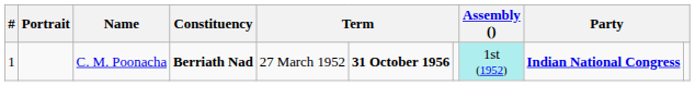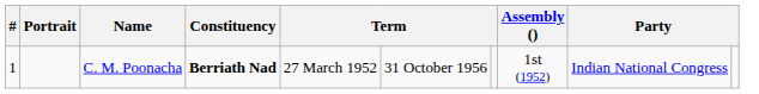 <table class="wikitable" style="text-align:center">
 <tr>
 <th scope="col">#</th>
 <th>Portrait</th>
 <th scope="col">Name</th>
 <th>Constituency</th>
 <th colspan="3" scope="col">Term<br></th>
 <th scope="col"><a href='#'>Assembly</a><br>()</th>
 <th colspan="2" scope="col">Party</th>
 </tr>
 <tr>
 <td>1</td>
 <td></td>
 <td><a href='#'>C. M. Poonacha</a></td>
 <td><strong>Berriath Nad</strong></td>
 <td>27 March 1952</td>
-<td><strong>31 October 1956</strong></td>
+<td>31 October 1956</td>
 <td></td>
-<td style="background: paleturquoise;">1st<br><small>(<a href='#'>1952</a>)</small></td>
-<td><strong><a href='#'>Indian National Congress</a></strong></td>
+<td>1st<br><small>(<a href='#'>1952</a>)</small></td>
+<td><a href='#'>Indian National Congress</a></td>
 <td style="background-color: "></td>
 </tr>
 </table>
